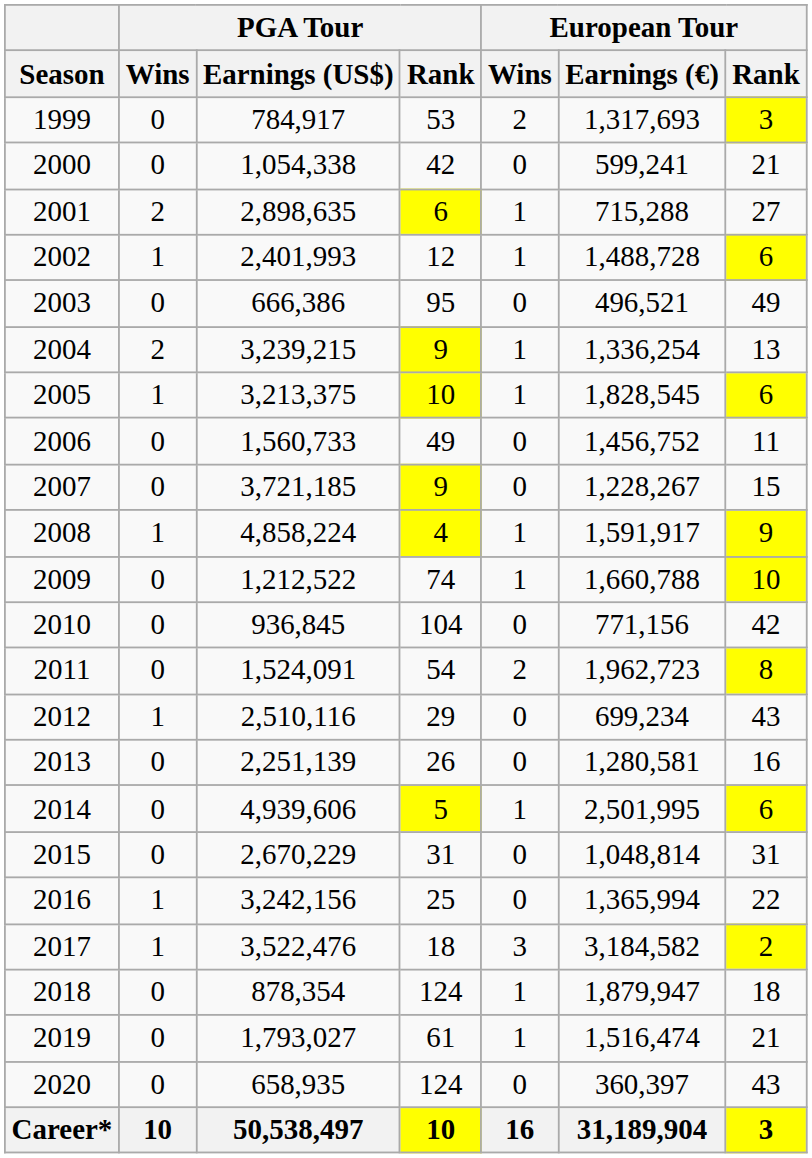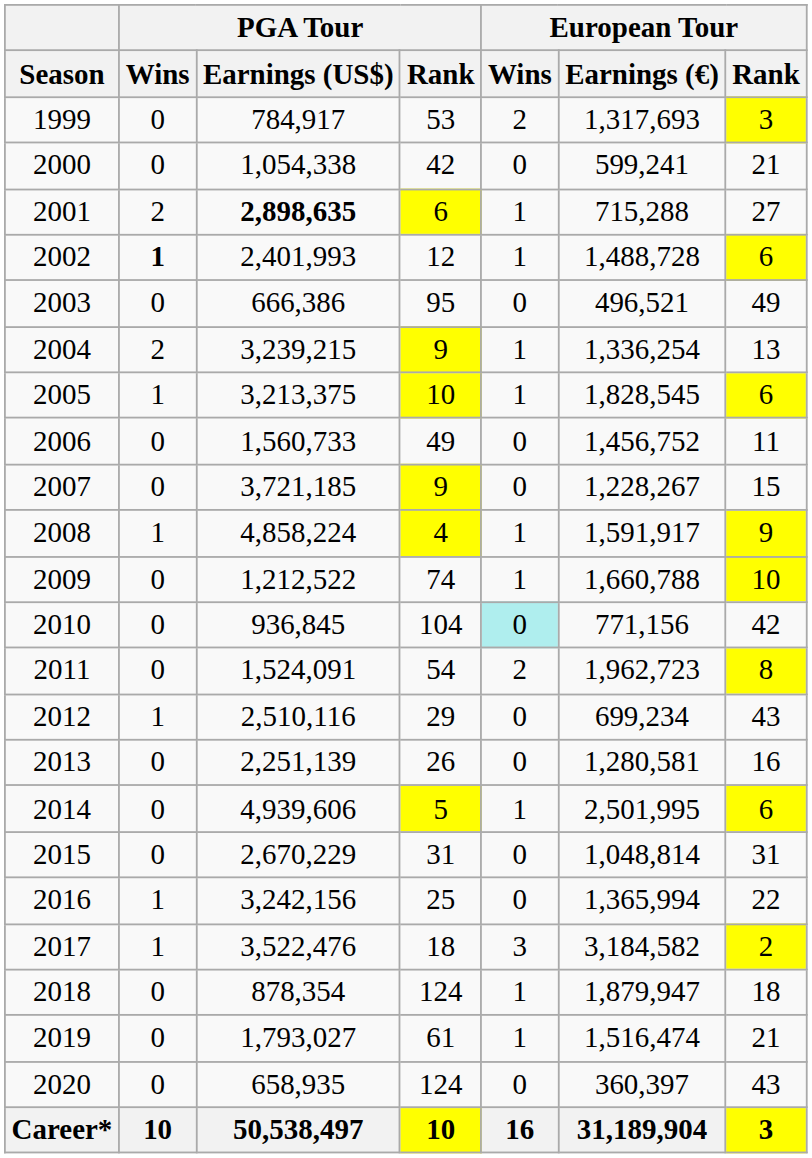 <table class=wikitable style="text-align:center">
 <tr>
 <th></th>
 <th colspan=3>PGA Tour</th>
 <th colspan=3>European Tour</th>
 </tr>
 <tr>
 <th>Season</th>
 <th>Wins</th>
 <th>Earnings (US$)</th>
 <th>Rank </th>
 <th>Wins</th>
 <th>Earnings (€)</th>
 <th>Rank</th>
 </tr>
 <tr>
 <td>1999</td>
 <td>0</td>
 <td>784,917</td>
 <td>53</td>
 <td>2</td>
 <td>1,317,693</td>
 <td style="background:yellow;">3</td>
 </tr>
 <tr>
 <td>2000</td>
 <td>0</td>
 <td>1,054,338</td>
 <td>42</td>
 <td>0</td>
 <td>599,241</td>
 <td>21</td>
 </tr>
 <tr>
 <td>2001</td>
 <td>2</td>
-<td>2,898,635</td>
+<td><strong>2,898,635</strong></td>
 <td style="background:yellow;">6</td>
 <td>1</td>
 <td>715,288</td>
 <td>27</td>
 </tr>
 <tr>
 <td>2002</td>
-<td>1</td>
+<td><strong>1</strong></td>
 <td>2,401,993</td>
 <td>12</td>
 <td>1</td>
 <td>1,488,728</td>
 <td style="background:yellow;">6</td>
 </tr>
 <tr>
 <td>2003</td>
 <td>0</td>
 <td>666,386</td>
 <td>95</td>
 <td>0</td>
 <td>496,521</td>
 <td>49</td>
 </tr>
 <tr>
 <td>2004</td>
 <td>2</td>
 <td>3,239,215</td>
 <td style="background:yellow;">9</td>
 <td>1</td>
 <td>1,336,254</td>
 <td>13</td>
 </tr>
 <tr>
 <td>2005</td>
 <td>1</td>
 <td>3,213,375</td>
 <td style="background:yellow;">10</td>
 <td>1</td>
 <td>1,828,545</td>
 <td style="background:yellow;">6</td>
 </tr>
 <tr>
 <td>2006</td>
 <td>0</td>
 <td>1,560,733</td>
 <td>49</td>
 <td>0</td>
 <td>1,456,752</td>
 <td>11</td>
 </tr>
 <tr>
 <td>2007</td>
 <td>0</td>
 <td>3,721,185</td>
 <td style="background:yellow;">9</td>
 <td>0</td>
 <td>1,228,267</td>
 <td>15</td>
 </tr>
 <tr>
 <td>2008</td>
 <td>1</td>
 <td>4,858,224</td>
 <td style="background:yellow;">4</td>
 <td>1</td>
 <td>1,591,917</td>
 <td style="background:yellow;">9</td>
 </tr>
 <tr>
 <td>2009</td>
 <td>0</td>
 <td>1,212,522</td>
 <td>74</td>
 <td>1</td>
 <td>1,660,788</td>
 <td style="background:yellow;">10</td>
 </tr>
 <tr>
 <td>2010</td>
 <td>0</td>
 <td>936,845</td>
 <td>104</td>
-<td>0</td>
+<td style="background: paleturquoise;">0</td>
 <td>771,156</td>
 <td>42</td>
 </tr>
 <tr>
 <td>2011</td>
 <td>0</td>
 <td>1,524,091</td>
 <td>54</td>
 <td>2</td>
 <td>1,962,723</td>
 <td style="background:yellow;">8</td>
 </tr>
 <tr>
 <td>2012</td>
 <td>1</td>
 <td>2,510,116</td>
 <td>29</td>
 <td>0</td>
 <td>699,234</td>
 <td>43</td>
 </tr>
 <tr>
 <td>2013</td>
 <td>0</td>
 <td>2,251,139</td>
 <td>26</td>
 <td>0</td>
 <td>1,280,581</td>
 <td>16</td>
 </tr>
 <tr>
 <td>2014</td>
 <td>0</td>
 <td>4,939,606</td>
 <td style="background:yellow;">5</td>
 <td>1</td>
 <td>2,501,995</td>
 <td style="background:yellow;">6</td>
 </tr>
 <tr>
 <td>2015</td>
 <td>0</td>
 <td>2,670,229</td>
 <td>31</td>
 <td>0</td>
 <td>1,048,814</td>
 <td>31</td>
 </tr>
 <tr>
 <td>2016</td>
 <td>1</td>
 <td>3,242,156</td>
 <td>25</td>
 <td>0</td>
 <td>1,365,994</td>
 <td>22</td>
 </tr>
 <tr>
 <td>2017</td>
 <td>1</td>
 <td>3,522,476</td>
 <td>18</td>
 <td>3</td>
 <td>3,184,582</td>
 <td style="background:yellow;">2</td>
 </tr>
 <tr>
 <td>2018</td>
 <td>0</td>
 <td>878,354</td>
 <td>124</td>
 <td>1</td>
 <td>1,879,947</td>
 <td>18</td>
 </tr>
 <tr>
 <td>2019</td>
 <td>0</td>
 <td>1,793,027</td>
 <td>61</td>
 <td>1</td>
 <td>1,516,474</td>
 <td>21</td>
 </tr>
 <tr>
 <td>2020</td>
 <td>0</td>
 <td>658,935</td>
 <td>124</td>
 <td>0</td>
 <td>360,397</td>
 <td>43</td>
 </tr>
 <tr>
 <th>Career*</th>
 <th>10</th>
 <th>50,538,497</th>
 <th style="background:yellow;">10</th>
 <th>16</th>
 <th>31,189,904</th>
 <th style="background:yellow;">3</th>
 </tr>
 </table>
